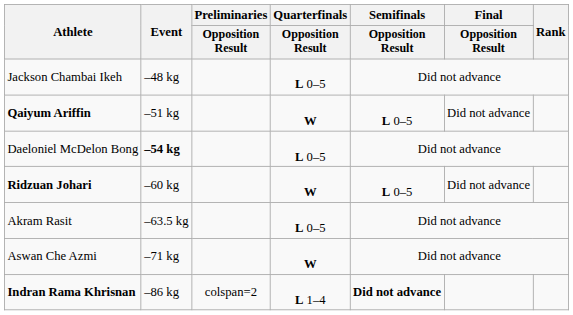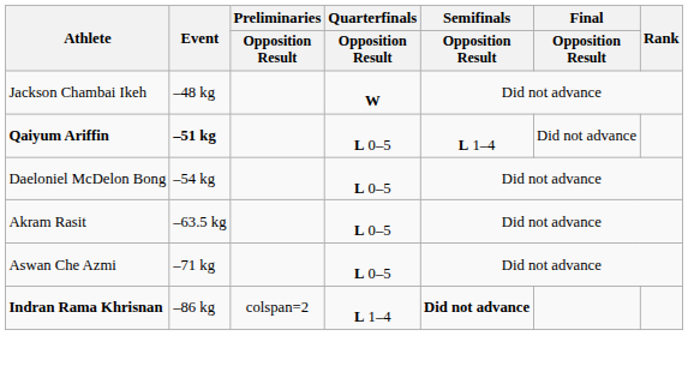 <table class=wikitable style=font-size:90%;text-align:center>
 <tr>
 <th rowspan="2">Athlete</th>
 <th rowspan="2">Event</th>
 <th>Preliminaries</th>
 <th>Quarterfinals</th>
 <th>Semifinals</th>
 <th>Final</th>
 <th rowspan=2>Rank</th>
 </tr>
 <tr style="font-size:95%">
 <th>Opposition<br>Result</th>
 <th>Opposition<br>Result</th>
 <th>Opposition<br>Result</th>
 <th>Opposition<br>Result</th>
 </tr>
 <tr>
 <td align=left>Jackson Chambai Ikeh</td>
 <td align=left>–48 kg</td>
 <td></td>
-<td><br><strong>L</strong> 0–5</td>
+<td><br><strong>W</strong> </td>
 <td colspan="3">Did not advance</td>
 </tr>
 <tr>
 <td align=left><strong>Qaiyum Ariffin</strong></td>
-<td align=left>–51 kg</td>
+<td align=left><strong>–51 kg</strong></td>
 <td></td>
-<td><br><strong>W</strong> </td>
 <td><br><strong>L</strong> 0–5</td>
+<td><br><strong>L</strong> 1–4</td>
 <td>Did not advance</td>
 <td></td>
 </tr>
 <tr>
 <td align=left>Daeloniel McDelon Bong</td>
-<td align=left><strong>–54 kg</strong></td>
+<td align=left>–54 kg</td>
 <td></td>
 <td><br><strong>L</strong> 0–5</td>
 <td colspan="3">Did not advance</td>
-</tr>
-<tr>
-<td align=left><strong>Ridzuan Johari</strong></td>
-<td align=left>–60 kg</td>
-<td></td>
-<td><br><strong>W</strong> </td>
-<td><br><strong>L</strong> 0–5</td>
-<td>Did not advance</td>
-<td></td>
 </tr>
 <tr>
 <td align=left>Akram Rasit</td>
 <td align=left>–63.5 kg</td>
 <td></td>
 <td><br><strong>L</strong> 0–5</td>
 <td colspan="3">Did not advance</td>
 </tr>
 <tr>
 <td align=left>Aswan Che Azmi</td>
 <td align=left>–71 kg</td>
 <td></td>
-<td><br><strong>W</strong> </td>
+<td><br><strong>L</strong> 0–5</td>
 <td colspan="3">Did not advance</td>
 </tr>
 <tr>
 <td align=left><strong>Indran Rama Khrisnan</strong></td>
 <td align=left>–86 kg</td>
 <td>colspan=2 </td>
 <td><br><strong>L</strong> 1–4</td>
 <td><strong>Did not advance</strong></td>
 <td></td>
 </tr>
 </table>
